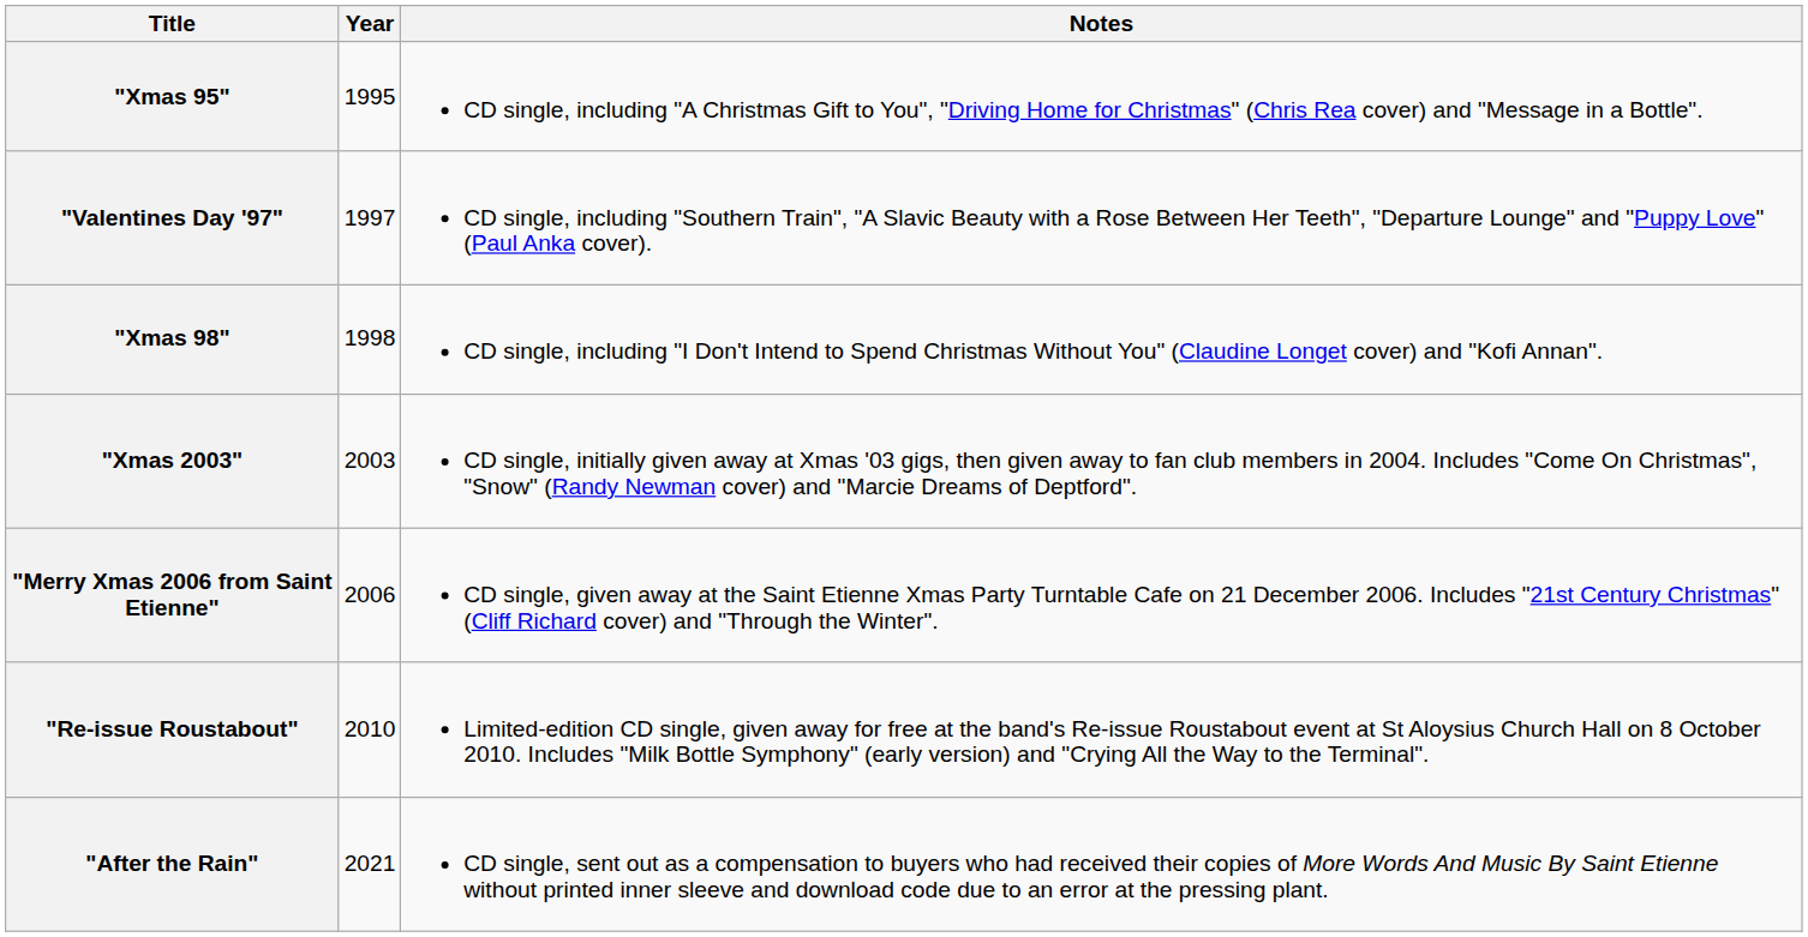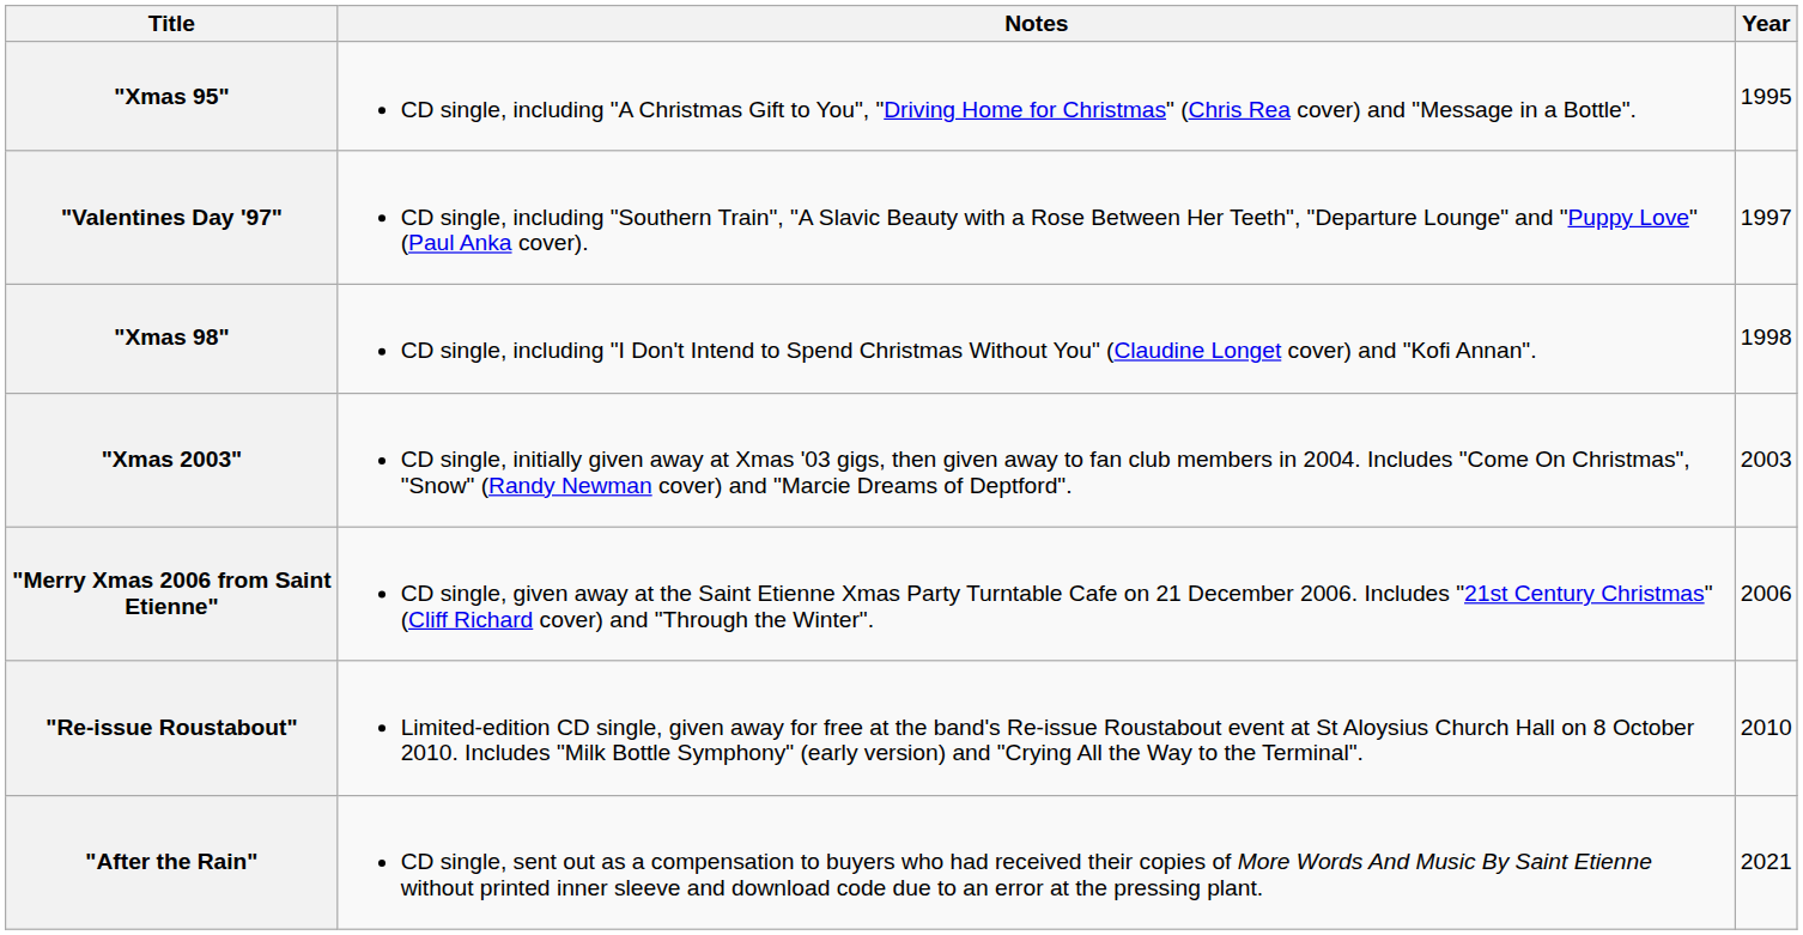 <table class="wikitable plainrowheaders">
 <tr>
 <th scope="col" style="width:14em;">Title</th>
+<th scope="col">Notes</th>
 <th scope="col" style="width:1em;">Year</th>
-<th scope="col">Notes</th>
 </tr>
 <tr>
 <th scope="row">"Xmas 95"</th>
+<td><br><ul><li>CD single, including "A Christmas Gift to You", "<a href='#'>Driving Home for Christmas</a>" (<a href='#'>Chris Rea</a> cover) and "Message in a Bottle".</li></ul></td>
 <td>1995</td>
-<td><br><ul><li>CD single, including "A Christmas Gift to You", "<a href='#'>Driving Home for Christmas</a>" (<a href='#'>Chris Rea</a> cover) and "Message in a Bottle".</li></ul></td>
 </tr>
 <tr>
 <th scope="row">"Valentines Day '97"</th>
+<td><br><ul><li>CD single, including "Southern Train", "A Slavic Beauty with a Rose Between Her Teeth", "Departure Lounge" and "<a href='#'>Puppy Love</a>" (<a href='#'>Paul Anka</a> cover).</li></ul></td>
 <td>1997</td>
-<td><br><ul><li>CD single, including "Southern Train", "A Slavic Beauty with a Rose Between Her Teeth", "Departure Lounge" and "<a href='#'>Puppy Love</a>" (<a href='#'>Paul Anka</a> cover).</li></ul></td>
 </tr>
 <tr>
 <th scope="row">"Xmas 98"</th>
+<td><br><ul><li>CD single, including "I Don't Intend to Spend Christmas Without You" (<a href='#'>Claudine Longet</a> cover) and "Kofi Annan".</li></ul></td>
 <td>1998</td>
-<td><br><ul><li>CD single, including "I Don't Intend to Spend Christmas Without You" (<a href='#'>Claudine Longet</a> cover) and "Kofi Annan".</li></ul></td>
 </tr>
 <tr>
 <th scope="row">"Xmas 2003"</th>
+<td><br><ul><li>CD single, initially given away at Xmas '03 gigs, then given away to fan club members in 2004. Includes "Come On Christmas", "Snow" (<a href='#'>Randy Newman</a> cover) and "Marcie Dreams of Deptford".</li></ul></td>
 <td>2003</td>
-<td><br><ul><li>CD single, initially given away at Xmas '03 gigs, then given away to fan club members in 2004. Includes "Come On Christmas", "Snow" (<a href='#'>Randy Newman</a> cover) and "Marcie Dreams of Deptford".</li></ul></td>
 </tr>
 <tr>
 <th scope="row">"Merry Xmas 2006 from Saint Etienne"</th>
+<td><br><ul><li>CD single, given away at the Saint Etienne Xmas Party Turntable Cafe on 21 December 2006. Includes "<a href='#'>21st Century Christmas</a>" (<a href='#'>Cliff Richard</a> cover) and "Through the Winter".</li></ul></td>
 <td>2006</td>
-<td><br><ul><li>CD single, given away at the Saint Etienne Xmas Party Turntable Cafe on 21 December 2006. Includes "<a href='#'>21st Century Christmas</a>" (<a href='#'>Cliff Richard</a> cover) and "Through the Winter".</li></ul></td>
 </tr>
 <tr>
 <th scope="row">"Re-issue Roustabout"</th>
+<td><br><ul><li>Limited-edition CD single, given away for free at the band's Re-issue Roustabout event at St Aloysius Church Hall on 8 October 2010. Includes "Milk Bottle Symphony" (early version) and "Crying All the Way to the Terminal".</li></ul></td>
 <td>2010</td>
-<td><br><ul><li>Limited-edition CD single, given away for free at the band's Re-issue Roustabout event at St Aloysius Church Hall on 8 October 2010. Includes "Milk Bottle Symphony" (early version) and "Crying All the Way to the Terminal".</li></ul></td>
 </tr>
 <tr>
 <th scope="row">"After the Rain"</th>
+<td><br><ul><li>CD single, sent out as a compensation to buyers who had received their copies of <em>More Words And Music By Saint Etienne</em> without printed inner sleeve and download code due to an error at the pressing plant.</li></ul></td>
 <td>2021</td>
-<td><br><ul><li>CD single, sent out as a compensation to buyers who had received their copies of <em>More Words And Music By Saint Etienne</em> without printed inner sleeve and download code due to an error at the pressing plant.</li></ul></td>
 </tr>
 </table>
